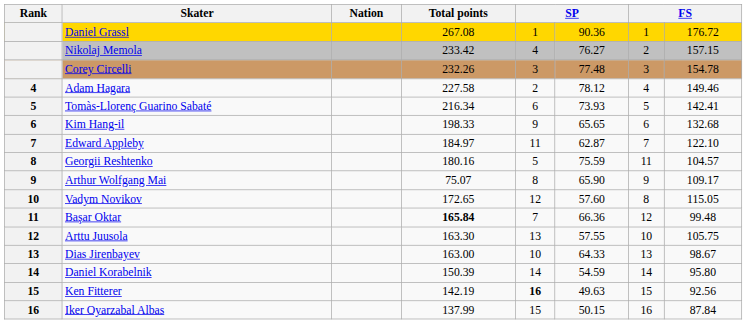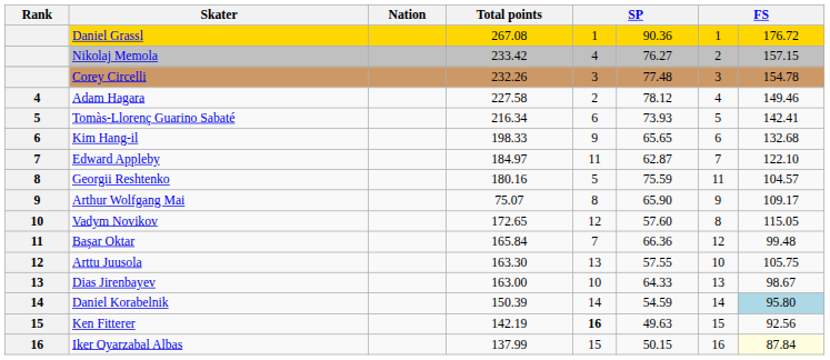 <table class="wikitable sortable" style="text-align:center;" width="80%">
 <tr>
 <th scope="col">Rank</th>
 <th scope="col">Skater</th>
 <th scope="col">Nation</th>
 <th scope="col">Total points</th>
 <th scope="col" colspan="2" width="80px"><a href='#'>SP</a></th>
 <th scope="col" colspan="2" width="80px"><a href='#'>FS</a></th>
 </tr>
 <tr bgcolor="gold">
 <th scope="row"></th>
 <td align="left"><a href='#'>Daniel Grassl</a></td>
 <td align="left"></td>
 <td>267.08</td>
 <td>1</td>
 <td>90.36</td>
 <td>1</td>
 <td>176.72</td>
 </tr>
 <tr bgcolor="silver">
 <th scope="row"></th>
 <td align="left"><a href='#'>Nikolaj Memola</a></td>
 <td align="left"></td>
 <td>233.42</td>
 <td>4</td>
 <td>76.27</td>
 <td>2</td>
 <td>157.15</td>
 </tr>
 <tr bgcolor="cc9966">
 <th scope="row"></th>
 <td align="left"><a href='#'>Corey Circelli</a></td>
 <td align="left"></td>
 <td>232.26</td>
 <td>3</td>
 <td>77.48</td>
 <td>3</td>
 <td>154.78</td>
 </tr>
 <tr>
 <th scope="row">4</th>
 <td align="left"><a href='#'>Adam Hagara</a></td>
 <td align="left"></td>
 <td>227.58</td>
 <td>2</td>
 <td>78.12</td>
 <td>4</td>
 <td>149.46</td>
 </tr>
 <tr>
 <th scope="row">5</th>
 <td align="left"><a href='#'>Tomàs-Llorenç Guarino Sabaté</a></td>
 <td align="left"></td>
 <td>216.34</td>
 <td>6</td>
 <td>73.93</td>
 <td>5</td>
 <td>142.41</td>
 </tr>
 <tr>
 <th scope="row">6</th>
 <td align="left"><a href='#'>Kim Hang-il</a></td>
 <td align="left"></td>
 <td>198.33</td>
 <td>9</td>
 <td>65.65</td>
 <td>6</td>
 <td>132.68</td>
 </tr>
 <tr>
 <th scope="row">7</th>
 <td align="left"><a href='#'>Edward Appleby</a></td>
 <td align="left"></td>
 <td>184.97</td>
 <td>11</td>
 <td>62.87</td>
 <td>7</td>
 <td>122.10</td>
 </tr>
 <tr>
 <th scope="row">8</th>
 <td align="left"><a href='#'>Georgii Reshtenko</a></td>
 <td align="left"></td>
 <td>180.16</td>
 <td>5</td>
 <td>75.59</td>
 <td>11</td>
 <td>104.57</td>
 </tr>
 <tr>
 <th scope="row">9</th>
 <td align="left"><a href='#'>Arthur Wolfgang Mai</a></td>
 <td align="left"></td>
 <td>75.07</td>
 <td>8</td>
 <td>65.90</td>
 <td>9</td>
 <td>109.17</td>
 </tr>
 <tr>
 <th scope="row">10</th>
 <td align="left"><a href='#'>Vadym Novikov</a></td>
 <td align="left"></td>
 <td>172.65</td>
 <td>12</td>
 <td>57.60</td>
 <td>8</td>
 <td>115.05</td>
 </tr>
 <tr>
 <th scope="row">11</th>
 <td align="left"><a href='#'>Başar Oktar</a></td>
 <td align="left"></td>
-<td><strong>165.84</strong></td>
+<td>165.84</td>
 <td>7</td>
 <td>66.36</td>
 <td>12</td>
 <td>99.48</td>
 </tr>
 <tr>
 <th scope="row">12</th>
 <td align="left"><a href='#'>Arttu Juusola</a></td>
 <td align="left"></td>
 <td>163.30</td>
 <td>13</td>
 <td>57.55</td>
 <td>10</td>
 <td>105.75</td>
 </tr>
 <tr>
 <th scope="row">13</th>
 <td align="left"><a href='#'>Dias Jirenbayev</a></td>
 <td align="left"></td>
 <td>163.00</td>
 <td>10</td>
 <td>64.33</td>
 <td>13</td>
 <td>98.67</td>
 </tr>
 <tr>
 <th scope="row">14</th>
 <td align="left"><a href='#'>Daniel Korabelnik</a></td>
 <td align="left"></td>
 <td>150.39</td>
 <td>14</td>
 <td>54.59</td>
 <td>14</td>
-<td>95.80</td>
+<td style="background: lightblue;">95.80</td>
 </tr>
 <tr>
 <th scope="row">15</th>
 <td align="left"><a href='#'>Ken Fitterer</a></td>
 <td align="left"></td>
 <td>142.19</td>
 <td><strong>16</strong></td>
 <td>49.63</td>
 <td>15</td>
 <td>92.56</td>
 </tr>
 <tr>
 <th scope="row">16</th>
 <td align="left"><a href='#'>Iker Oyarzabal Albas</a></td>
 <td align="left"></td>
 <td>137.99</td>
 <td>15</td>
 <td>50.15</td>
 <td>16</td>
-<td>87.84</td>
+<td style="background: lightyellow;">87.84</td>
 </tr>
 </table>
